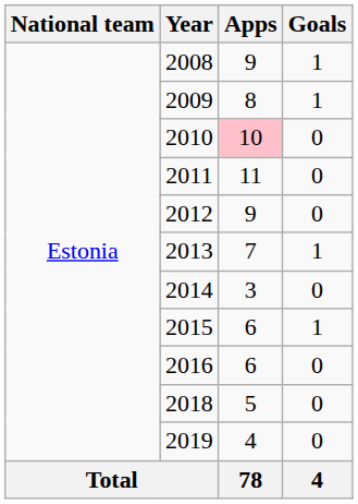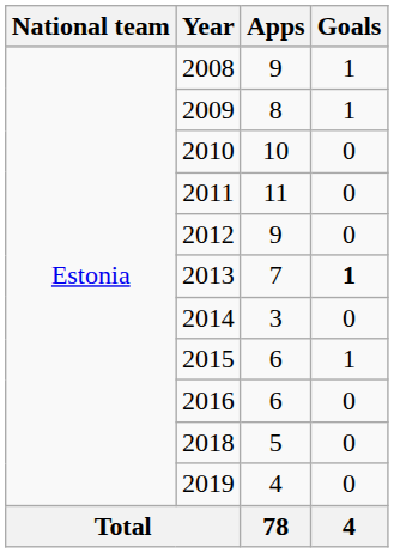 <table class="wikitable" style="text-align:center">
 <tr>
 <th>National team</th>
 <th>Year</th>
 <th>Apps</th>
 <th>Goals</th>
 </tr>
 <tr>
 <td rowspan="11"><a href='#'>Estonia</a></td>
 <td>2008</td>
 <td>9</td>
 <td>1</td>
 </tr>
 <tr>
 <td>2009</td>
 <td>8</td>
 <td>1</td>
 </tr>
 <tr>
 <td>2010</td>
-<td style="background: pink;">10</td>
+<td>10</td>
 <td>0</td>
 </tr>
 <tr>
 <td>2011</td>
 <td>11</td>
 <td>0</td>
 </tr>
 <tr>
 <td>2012</td>
 <td>9</td>
 <td>0</td>
 </tr>
 <tr>
 <td>2013</td>
 <td>7</td>
-<td>1</td>
+<td><strong>1</strong></td>
 </tr>
 <tr>
 <td>2014</td>
 <td>3</td>
 <td>0</td>
 </tr>
 <tr>
 <td>2015</td>
 <td>6</td>
 <td>1</td>
 </tr>
 <tr>
 <td>2016</td>
 <td>6</td>
 <td>0</td>
 </tr>
 <tr>
 <td>2018</td>
 <td>5</td>
 <td>0</td>
 </tr>
 <tr>
 <td>2019</td>
 <td>4</td>
 <td>0</td>
 </tr>
 <tr>
 <th colspan="2">Total</th>
 <th>78</th>
 <th>4</th>
 </tr>
 </table>
